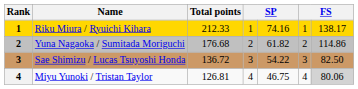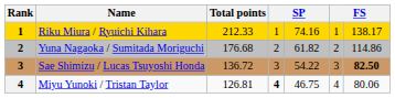 <table class="wikitable sortable">
 <tr>
 <th>Rank</th>
 <th>Name</th>
 <th>Total points</th>
 <th colspan="2" width="80px"><a href='#'>SP</a></th>
 <th colspan="2" width="80px"><a href='#'>FS</a></th>
 </tr>
 <tr bgcolor="gold">
 <td align="center"><strong>1</strong></td>
 <td><a href='#'>Riku Miura</a> / <a href='#'>Ryuichi Kihara</a></td>
 <td align="center">212.33</td>
 <td align="center">1</td>
 <td align="center">74.16</td>
 <td align="center">1</td>
 <td align="center">138.17</td>
 </tr>
 <tr bgcolor="silver">
 <td align="center"><strong>2</strong></td>
 <td><a href='#'>Yuna Nagaoka</a> / <a href='#'>Sumitada Moriguchi</a></td>
 <td align="center">176.68</td>
 <td align="center">2</td>
 <td align="center">61.82</td>
 <td align="center">2</td>
 <td align="center">114.86</td>
 </tr>
 <tr bgcolor="cc9966">
 <td align="center"><strong>3</strong></td>
 <td><a href='#'>Sae Shimizu</a> / <a href='#'>Lucas Tsuyoshi Honda</a></td>
 <td align="center">136.72</td>
 <td align="center">3</td>
 <td align="center">54.22</td>
 <td align="center">3</td>
-<td align="center">82.50</td>
+<td align="center"><strong>82.50</strong></td>
 </tr>
 <tr>
 <th>4</th>
 <td><a href='#'>Miyu Yunoki</a> / <a href='#'>Tristan Taylor</a></td>
 <td align="center">126.81</td>
-<td align="center">4</td>
+<td align="center"><strong>4</strong></td>
 <td align="center">46.75</td>
 <td align="center">4</td>
-<td align="center" style="background: lightgrey;">80.06</td>
+<td align="center">80.06</td>
 </tr>
 </table>
